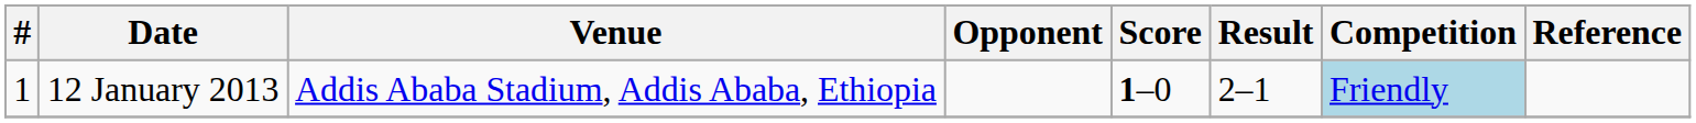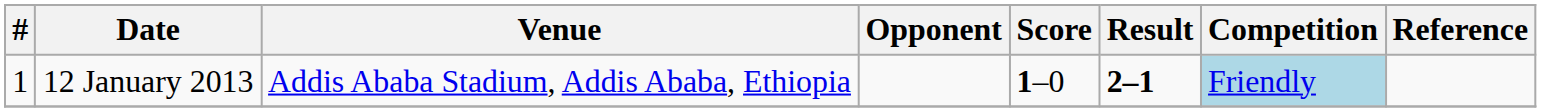 <table class="wikitable">
 <tr>
 <th>#</th>
 <th>Date</th>
 <th>Venue</th>
 <th>Opponent</th>
 <th>Score</th>
 <th>Result</th>
 <th>Competition</th>
 <th>Reference</th>
 </tr>
 <tr>
 <td>1</td>
 <td>12 January 2013</td>
 <td><a href='#'>Addis Ababa Stadium</a>, <a href='#'>Addis Ababa</a>, <a href='#'>Ethiopia</a></td>
 <td></td>
 <td><strong>1</strong>–0</td>
-<td>2–1</td>
+<td><strong>2–1</strong></td>
 <td style="background: lightblue;"><a href='#'>Friendly</a></td>
 <td></td>
 </tr>
 <tr>
 </tr>
 </table>
